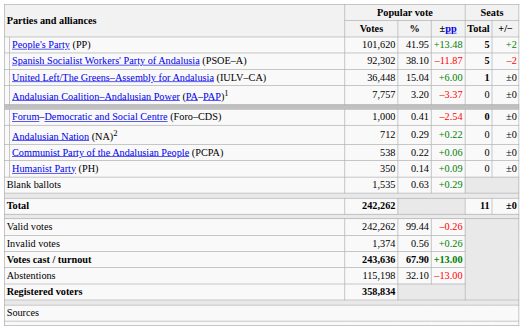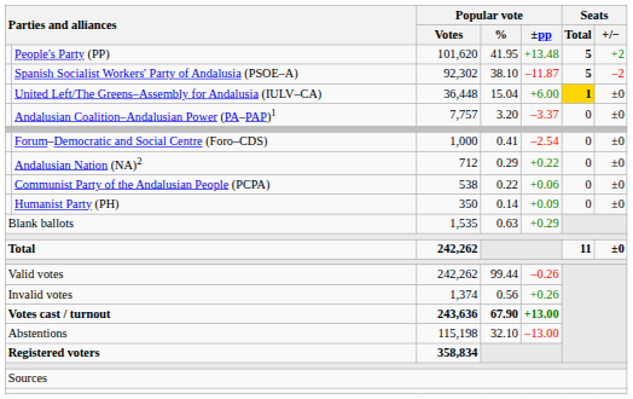 <table class="wikitable" style="text-align:right;">
 <tr>
 <th style="text-align:left;" rowspan="2" colspan="2" width="525">Parties and alliances</th>
 <th colspan="3">Popular vote</th>
 <th colspan="2">Seats</th>
 </tr>
 <tr>
 <th width="75">Votes</th>
 <th width="45">%</th>
 <th width="45">±<a href='#'>pp</a></th>
 <th width="35">Total</th>
 <th width="35">+/−</th>
 </tr>
 <tr>
 <td width="1" style="color:inherit;background:"></td>
 <td align="left"><a href='#'>People's Party</a> (PP)</td>
 <td>101,620</td>
 <td>41.95</td>
 <td style="color:green;">+13.48</td>
 <td><strong>5</strong></td>
 <td style="color:green;">+2</td>
 </tr>
 <tr>
 <td style="color:inherit;background:"></td>
 <td align="left"><a href='#'>Spanish Socialist Workers' Party of Andalusia</a> (PSOE–A)</td>
 <td>92,302</td>
 <td>38.10</td>
 <td style="color:red;">–11.87</td>
 <td><strong>5</strong></td>
 <td style="color:red;">–2</td>
 </tr>
 <tr>
 <td style="color:inherit;background:"></td>
 <td align="left"><a href='#'>United Left/The Greens–Assembly for Andalusia</a> (IULV–CA)</td>
 <td>36,448</td>
 <td>15.04</td>
 <td style="color:green;">+6.00</td>
-<td><strong>1</strong></td>
+<td style="background: gold;"><strong>1</strong></td>
 <td>±0</td>
 </tr>
 <tr>
 <td style="color:inherit;background:"></td>
 <td align="left"><a href='#'>Andalusian Coalition–Andalusian Power</a> (<a href='#'>PA</a>–<a href='#'>PAP</a>)<sup>1</sup></td>
 <td>7,757</td>
 <td>3.20</td>
 <td style="color:red;">–3.37</td>
 <td>0</td>
 <td>±0</td>
 </tr>
 <tr>
 <td colspan="7" bgcolor="#C0C0C0"></td>
 </tr>
 <tr>
 <td style="color:inherit;background:"></td>
 <td align="left"><a href='#'>Forum</a>–<a href='#'>Democratic and Social Centre</a> (Foro–CDS)</td>
 <td>1,000</td>
 <td>0.41</td>
 <td style="color:red;">–2.54</td>
-<td><strong>0</strong></td>
+<td>0</td>
 <td>±0</td>
 </tr>
 <tr>
 <td style="color:inherit;background:"></td>
 <td align="left"><a href='#'>Andalusian Nation</a> (NA)<sup>2</sup></td>
 <td>712</td>
 <td>0.29</td>
 <td style="color:green;">+0.22</td>
 <td>0</td>
 <td>±0</td>
 </tr>
 <tr>
 <td style="color:inherit;background:"></td>
 <td align="left"><a href='#'>Communist Party of the Andalusian People</a> (PCPA)</td>
 <td>538</td>
 <td>0.22</td>
 <td style="color:green;">+0.06</td>
 <td>0</td>
 <td>±0</td>
 </tr>
 <tr>
 <td style="color:inherit;background:"></td>
 <td align="left"><a href='#'>Humanist Party</a> (PH)</td>
 <td>350</td>
 <td>0.14</td>
 <td style="color:green;">+0.09</td>
 <td>0</td>
 <td>±0</td>
 </tr>
 <tr>
 <td align="left" colspan="2">Blank ballots</td>
 <td>1,535</td>
 <td>0.63</td>
 <td style="color:green;">+0.29</td>
 <td bgcolor="#E9E9E9" colspan="2"></td>
 </tr>
 <tr>
 <td colspan="7" bgcolor="#E9E9E9"></td>
 </tr>
 <tr style="font-weight:bold;">
 <td align="left" colspan="2">Total</td>
 <td>242,262</td>
 <td bgcolor="#E9E9E9" colspan="2"></td>
 <td>11</td>
 <td>±0</td>
 </tr>
 <tr>
 <td colspan="7" bgcolor="#E9E9E9"></td>
 </tr>
 <tr>
 <td align="left" colspan="2">Valid votes</td>
 <td>242,262</td>
 <td>99.44</td>
 <td style="color:red;">–0.26</td>
 <td bgcolor="#E9E9E9" colspan="2" rowspan="5"></td>
 </tr>
 <tr>
 <td align="left" colspan="2">Invalid votes</td>
 <td>1,374</td>
 <td>0.56</td>
 <td style="color:green;">+0.26</td>
 </tr>
 <tr style="font-weight:bold;">
 <td align="left" colspan="2">Votes cast / turnout</td>
 <td>243,636</td>
 <td>67.90</td>
 <td style="color:green;">+13.00</td>
 </tr>
 <tr>
 <td align="left" colspan="2">Abstentions</td>
 <td>115,198</td>
 <td>32.10</td>
 <td style="color:red;">–13.00</td>
 </tr>
 <tr style="font-weight:bold;">
 <td align="left" colspan="2">Registered voters</td>
 <td>358,834</td>
 <td bgcolor="#E9E9E9" colspan="2"></td>
 </tr>
 <tr>
 <td colspan="7" bgcolor="#E9E9E9"></td>
 </tr>
 <tr>
 <td align="left" colspan="7">Sources</td>
 </tr>
 <tr>
 <td colspan="7" style="text-align:left; max-width:790px;"></td>
 </tr>
 </table>
